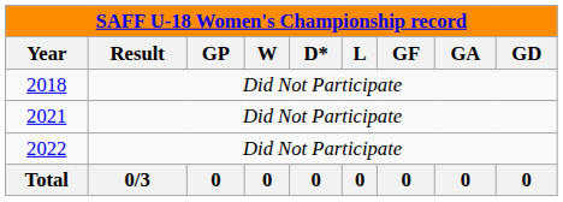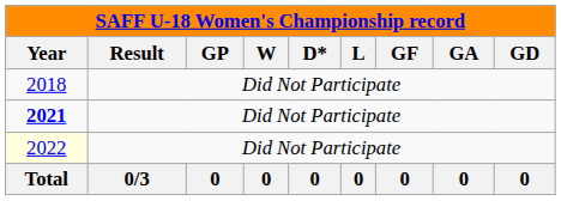 <table class="wikitable" style="text-align: center; width:50%;">
 <tr>
 <th colspan=12 style="background: #FF8C00; color: #0000FF;"><a href='#'>SAFF U-18 Women's Championship record</a></th>
 </tr>
 <tr>
 <th>Year</th>
 <th>Result</th>
 <th>GP</th>
 <th>W</th>
 <th>D*</th>
 <th>L</th>
 <th>GF</th>
 <th>GA</th>
 <th>GD</th>
 </tr>
 <tr>
 <td><a href='#'>2018</a></td>
 <td colspan=10><em>Did Not Participate</em></td>
 </tr>
 <tr>
-<td><a href='#'>2021</a></td>
+<td><strong><a href='#'>2021</a></strong></td>
 <td colspan=10><em>Did Not Participate</em></td>
 </tr>
 <tr>
-<td><a href='#'>2022</a></td>
+<td style="background: lightyellow;"><a href='#'>2022</a></td>
 <td colspan=10><em>Did Not Participate</em></td>
 </tr>
 <tr>
 <th>Total</th>
 <th>0/3</th>
 <th>0</th>
 <th>0</th>
 <th>0</th>
 <th>0</th>
 <th>0</th>
 <th>0</th>
 <th>0</th>
 </tr>
 </table>
